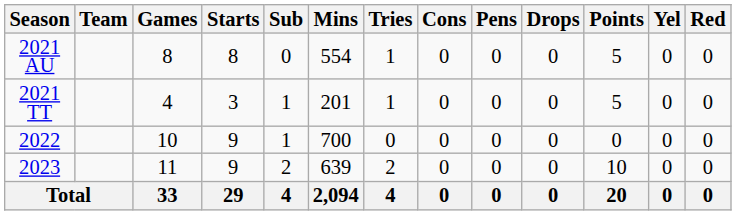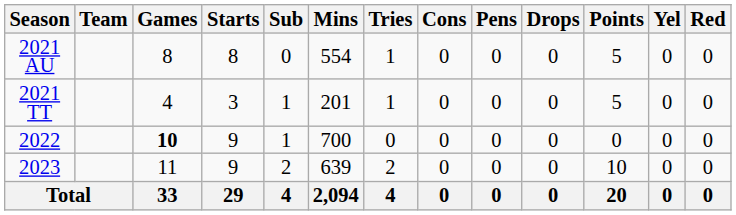 <table class="wikitable" style="text-align:center; line-height:90%; font-size:95%; width:60%;">
 <tr>
 <th>Season</th>
 <th>Team</th>
 <th>Games</th>
 <th>Starts</th>
 <th>Sub</th>
 <th>Mins</th>
 <th>Tries</th>
 <th>Cons</th>
 <th>Pens</th>
 <th>Drops</th>
 <th>Points</th>
 <th>Yel</th>
 <th>Red</th>
 </tr>
 <tr>
 <td><a href='#'>2021 AU</a></td>
 <td></td>
 <td>8</td>
 <td>8</td>
 <td>0</td>
 <td>554</td>
 <td>1</td>
 <td>0</td>
 <td>0</td>
 <td>0</td>
 <td>5</td>
 <td>0</td>
 <td>0</td>
 </tr>
 <tr>
 <td><a href='#'>2021 TT</a></td>
 <td></td>
 <td>4</td>
 <td>3</td>
 <td>1</td>
 <td>201</td>
 <td>1</td>
 <td>0</td>
 <td>0</td>
 <td>0</td>
 <td>5</td>
 <td>0</td>
 <td>0</td>
 </tr>
 <tr>
 <td><a href='#'>2022</a></td>
 <td></td>
-<td>10</td>
+<td><strong>10</strong></td>
 <td>9</td>
 <td>1</td>
 <td>700</td>
 <td>0</td>
 <td>0</td>
 <td>0</td>
 <td>0</td>
 <td>0</td>
 <td>0</td>
 <td>0</td>
 </tr>
 <tr>
 <td><a href='#'>2023</a></td>
 <td></td>
 <td>11</td>
 <td>9</td>
 <td>2</td>
 <td>639</td>
 <td>2</td>
 <td>0</td>
 <td>0</td>
 <td>0</td>
 <td>10</td>
 <td>0</td>
 <td>0</td>
 </tr>
 <tr>
 <th colspan="2">Total</th>
 <th>33</th>
 <th>29</th>
 <th>4</th>
 <th>2,094</th>
 <th>4</th>
 <th>0</th>
 <th>0</th>
 <th>0</th>
 <th>20</th>
 <th>0</th>
 <th>0</th>
 </tr>
 </table>
